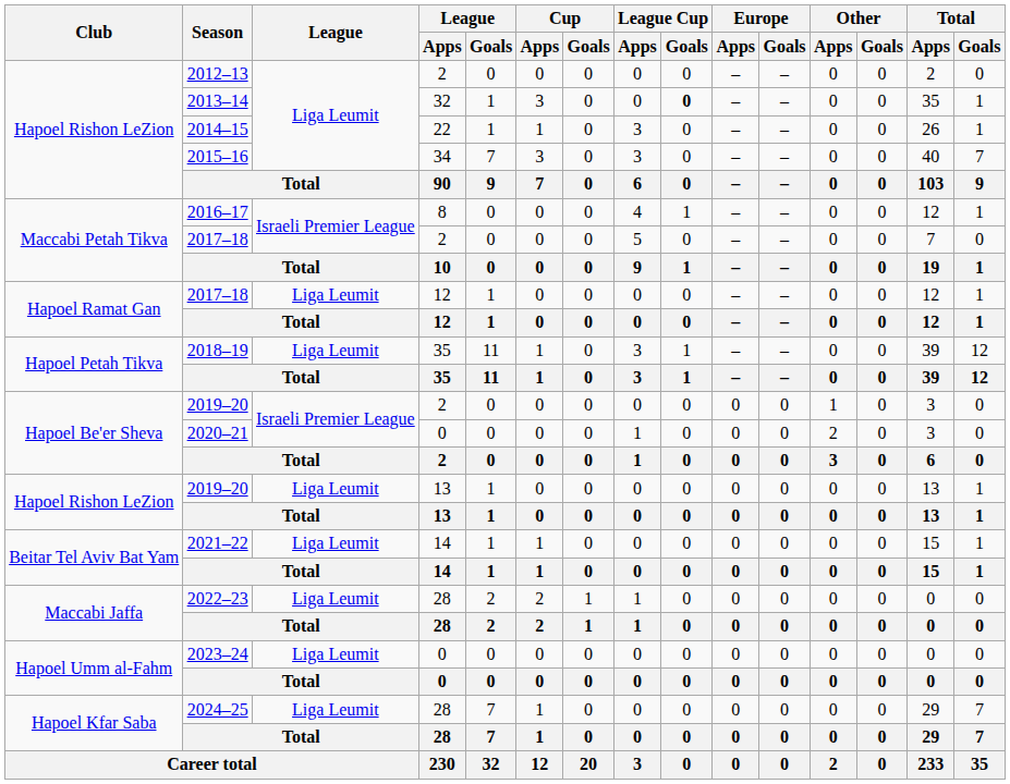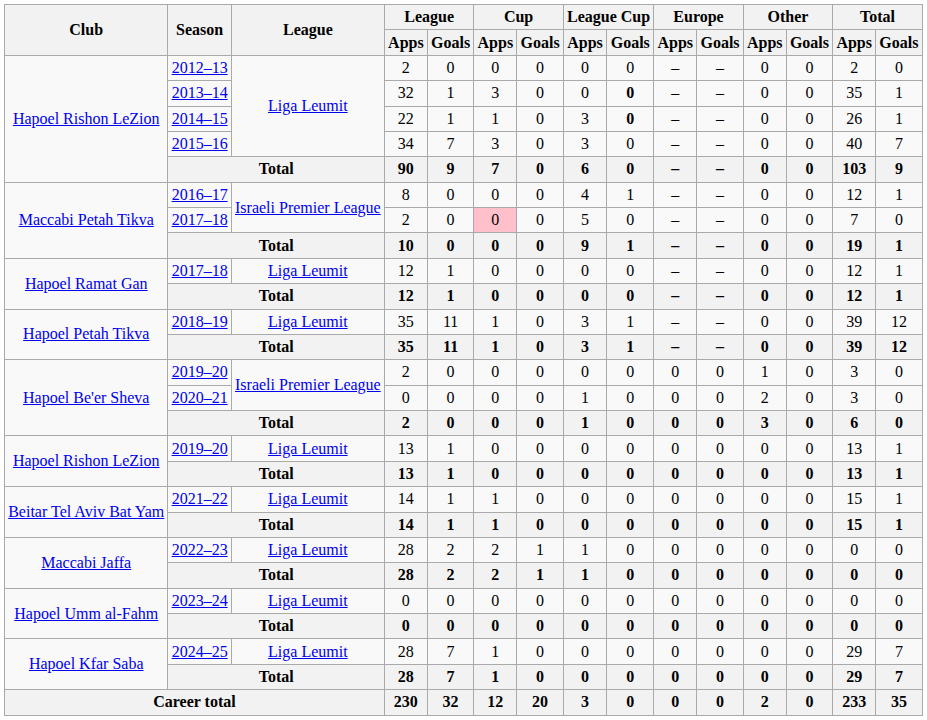 <table class="wikitable" style="text-align: center;">
 <tr>
 <th rowspan="2">Club</th>
 <th rowspan="2">Season</th>
 <th rowspan="2">League</th>
 <th colspan="2">League</th>
 <th colspan="2">Cup</th>
 <th colspan="2">League Cup</th>
 <th colspan="2">Europe</th>
 <th colspan="2">Other</th>
 <th colspan="2">Total</th>
 </tr>
 <tr>
 <th>Apps</th>
 <th>Goals</th>
 <th>Apps</th>
 <th>Goals</th>
 <th>Apps</th>
 <th>Goals</th>
 <th>Apps</th>
 <th>Goals</th>
 <th>Apps</th>
 <th>Goals</th>
 <th>Apps</th>
 <th>Goals</th>
 </tr>
 <tr>
 <td rowspan="5"><a href='#'>Hapoel Rishon LeZion</a></td>
 <td><a href='#'>2012–13</a></td>
 <td rowspan="4"><a href='#'>Liga Leumit</a></td>
 <td>2</td>
 <td>0</td>
 <td>0</td>
 <td>0</td>
 <td>0</td>
 <td>0</td>
 <td>–</td>
 <td>–</td>
 <td>0</td>
 <td>0</td>
 <td>2</td>
 <td>0</td>
 </tr>
 <tr>
 <td><a href='#'>2013–14</a></td>
 <td>32</td>
 <td>1</td>
 <td>3</td>
 <td>0</td>
 <td>0</td>
 <td><strong>0</strong></td>
 <td>–</td>
 <td>–</td>
 <td>0</td>
 <td>0</td>
 <td>35</td>
 <td>1</td>
 </tr>
 <tr>
 <td><a href='#'>2014–15</a></td>
 <td>22</td>
 <td>1</td>
 <td>1</td>
 <td>0</td>
 <td>3</td>
-<td>0</td>
+<td><strong>0</strong></td>
 <td>–</td>
 <td>–</td>
 <td>0</td>
 <td>0</td>
 <td>26</td>
 <td>1</td>
 </tr>
 <tr>
 <td><a href='#'>2015–16</a></td>
 <td>34</td>
 <td>7</td>
 <td>3</td>
 <td>0</td>
 <td>3</td>
 <td>0</td>
 <td>–</td>
 <td>–</td>
 <td>0</td>
 <td>0</td>
 <td>40</td>
 <td>7</td>
 </tr>
 <tr>
 <th colspan="2">Total</th>
 <th>90</th>
 <th>9</th>
 <th>7</th>
 <th>0</th>
 <th>6</th>
 <th>0</th>
 <th>–</th>
 <th>–</th>
 <th>0</th>
 <th>0</th>
 <th>103</th>
 <th>9</th>
 </tr>
 <tr>
 <td rowspan="3"><a href='#'>Maccabi Petah Tikva</a></td>
 <td><a href='#'>2016–17</a></td>
 <td rowspan="2"><a href='#'>Israeli Premier League</a></td>
 <td>8</td>
 <td>0</td>
 <td>0</td>
 <td>0</td>
 <td>4</td>
 <td>1</td>
 <td>–</td>
 <td>–</td>
 <td>0</td>
 <td>0</td>
 <td>12</td>
 <td>1</td>
 </tr>
 <tr>
 <td><a href='#'>2017–18</a></td>
 <td>2</td>
 <td>0</td>
-<td>0</td>
+<td style="background: pink;">0</td>
 <td>0</td>
 <td>5</td>
 <td>0</td>
 <td>–</td>
 <td>–</td>
 <td>0</td>
 <td>0</td>
 <td>7</td>
 <td>0</td>
 </tr>
 <tr>
 <th colspan="2">Total</th>
 <th>10</th>
 <th>0</th>
 <th>0</th>
 <th>0</th>
 <th>9</th>
 <th>1</th>
 <th>–</th>
 <th>–</th>
 <th>0</th>
 <th>0</th>
 <th>19</th>
 <th>1</th>
 </tr>
 <tr>
 <td rowspan="2"><a href='#'>Hapoel Ramat Gan</a></td>
 <td><a href='#'>2017–18</a></td>
 <td><a href='#'>Liga Leumit</a></td>
 <td>12</td>
 <td>1</td>
 <td>0</td>
 <td>0</td>
 <td>0</td>
 <td>0</td>
 <td>–</td>
 <td>–</td>
 <td>0</td>
 <td>0</td>
 <td>12</td>
 <td>1</td>
 </tr>
 <tr>
 <th colspan="2">Total</th>
 <th>12</th>
 <th>1</th>
 <th>0</th>
 <th>0</th>
 <th>0</th>
 <th>0</th>
 <th>–</th>
 <th>–</th>
 <th>0</th>
 <th>0</th>
 <th>12</th>
 <th>1</th>
 </tr>
 <tr>
 <td rowspan="2"><a href='#'>Hapoel Petah Tikva</a></td>
 <td><a href='#'>2018–19</a></td>
 <td><a href='#'>Liga Leumit</a></td>
 <td>35</td>
 <td>11</td>
 <td>1</td>
 <td>0</td>
 <td>3</td>
 <td>1</td>
 <td>–</td>
 <td>–</td>
 <td>0</td>
 <td>0</td>
 <td>39</td>
 <td>12</td>
 </tr>
 <tr>
 <th colspan="2">Total</th>
 <th>35</th>
 <th>11</th>
 <th>1</th>
 <th>0</th>
 <th>3</th>
 <th>1</th>
 <th>–</th>
 <th>–</th>
 <th>0</th>
 <th>0</th>
 <th>39</th>
 <th>12</th>
 </tr>
 <tr>
 <td rowspan="3"><a href='#'>Hapoel Be'er Sheva</a></td>
 <td><a href='#'>2019–20</a></td>
 <td rowspan="2"><a href='#'>Israeli Premier League</a></td>
 <td>2</td>
 <td>0</td>
 <td>0</td>
 <td>0</td>
 <td>0</td>
 <td>0</td>
 <td>0</td>
 <td>0</td>
 <td>1</td>
 <td>0</td>
 <td>3</td>
 <td>0</td>
 </tr>
 <tr>
 <td><a href='#'>2020–21</a></td>
 <td>0</td>
 <td>0</td>
 <td>0</td>
 <td>0</td>
 <td>1</td>
 <td>0</td>
 <td>0</td>
 <td>0</td>
 <td>2</td>
 <td>0</td>
 <td>3</td>
 <td>0</td>
 </tr>
 <tr>
 <th colspan="2">Total</th>
 <th>2</th>
 <th>0</th>
 <th>0</th>
 <th>0</th>
 <th>1</th>
 <th>0</th>
 <th>0</th>
 <th>0</th>
 <th>3</th>
 <th>0</th>
 <th>6</th>
 <th>0</th>
 </tr>
 <tr>
 <td rowspan="2"><a href='#'>Hapoel Rishon LeZion</a></td>
 <td><a href='#'>2019–20</a></td>
 <td><a href='#'>Liga Leumit</a></td>
 <td>13</td>
 <td>1</td>
 <td>0</td>
 <td>0</td>
 <td>0</td>
 <td>0</td>
 <td>0</td>
 <td>0</td>
 <td>0</td>
 <td>0</td>
 <td>13</td>
 <td>1</td>
 </tr>
 <tr>
 <th colspan="2">Total</th>
 <th>13</th>
 <th>1</th>
 <th>0</th>
 <th>0</th>
 <th>0</th>
 <th>0</th>
 <th>0</th>
 <th>0</th>
 <th>0</th>
 <th>0</th>
 <th>13</th>
 <th>1</th>
 </tr>
 <tr>
 <td rowspan="2"><a href='#'>Beitar Tel Aviv Bat Yam</a></td>
 <td><a href='#'>2021–22</a></td>
 <td><a href='#'>Liga Leumit</a></td>
 <td>14</td>
 <td>1</td>
 <td>1</td>
 <td>0</td>
 <td>0</td>
 <td>0</td>
 <td>0</td>
 <td>0</td>
 <td>0</td>
 <td>0</td>
 <td>15</td>
 <td>1</td>
 </tr>
 <tr>
 <th colspan="2">Total</th>
 <th>14</th>
 <th>1</th>
 <th>1</th>
 <th>0</th>
 <th>0</th>
 <th>0</th>
 <th>0</th>
 <th>0</th>
 <th>0</th>
 <th>0</th>
 <th>15</th>
 <th>1</th>
 </tr>
 <tr>
 <td rowspan="2"><a href='#'>Maccabi Jaffa</a></td>
 <td><a href='#'>2022–23</a></td>
 <td><a href='#'>Liga Leumit</a></td>
 <td>28</td>
 <td>2</td>
 <td>2</td>
 <td>1</td>
 <td>1</td>
 <td>0</td>
 <td>0</td>
 <td>0</td>
 <td>0</td>
 <td>0</td>
 <td>0</td>
 <td>0</td>
 </tr>
 <tr>
 <th colspan="2">Total</th>
 <th>28</th>
 <th>2</th>
 <th>2</th>
 <th>1</th>
 <th>1</th>
 <th>0</th>
 <th>0</th>
 <th>0</th>
 <th>0</th>
 <th>0</th>
 <th>0</th>
 <th>0</th>
 </tr>
 <tr>
 <td rowspan="2"><a href='#'>Hapoel Umm al-Fahm</a></td>
 <td><a href='#'>2023–24</a></td>
 <td><a href='#'>Liga Leumit</a></td>
 <td>0</td>
 <td>0</td>
 <td>0</td>
 <td>0</td>
 <td>0</td>
 <td>0</td>
 <td>0</td>
 <td>0</td>
 <td>0</td>
 <td>0</td>
 <td>0</td>
 <td>0</td>
 </tr>
 <tr>
 <th colspan="2">Total</th>
 <th>0</th>
 <th>0</th>
 <th>0</th>
 <th>0</th>
 <th>0</th>
 <th>0</th>
 <th>0</th>
 <th>0</th>
 <th>0</th>
 <th>0</th>
 <th>0</th>
 <th>0</th>
 </tr>
 <tr>
 <td rowspan="2"><a href='#'>Hapoel Kfar Saba</a></td>
 <td><a href='#'>2024–25</a></td>
 <td><a href='#'>Liga Leumit</a></td>
 <td>28</td>
 <td>7</td>
 <td>1</td>
 <td>0</td>
 <td>0</td>
 <td>0</td>
 <td>0</td>
 <td>0</td>
 <td>0</td>
 <td>0</td>
 <td>29</td>
 <td>7</td>
 </tr>
 <tr>
 <th colspan="2">Total</th>
 <th>28</th>
 <th>7</th>
 <th>1</th>
 <th>0</th>
 <th>0</th>
 <th>0</th>
 <th>0</th>
 <th>0</th>
 <th>0</th>
 <th>0</th>
 <th>29</th>
 <th>7</th>
 </tr>
 <tr>
 <th colspan="3">Career total</th>
 <th>230</th>
 <th>32</th>
 <th>12</th>
 <th>20</th>
 <th>3</th>
 <th>0</th>
 <th>0</th>
 <th>0</th>
 <th>2</th>
 <th>0</th>
 <th>233</th>
 <th>35</th>
 </tr>
 </table>
